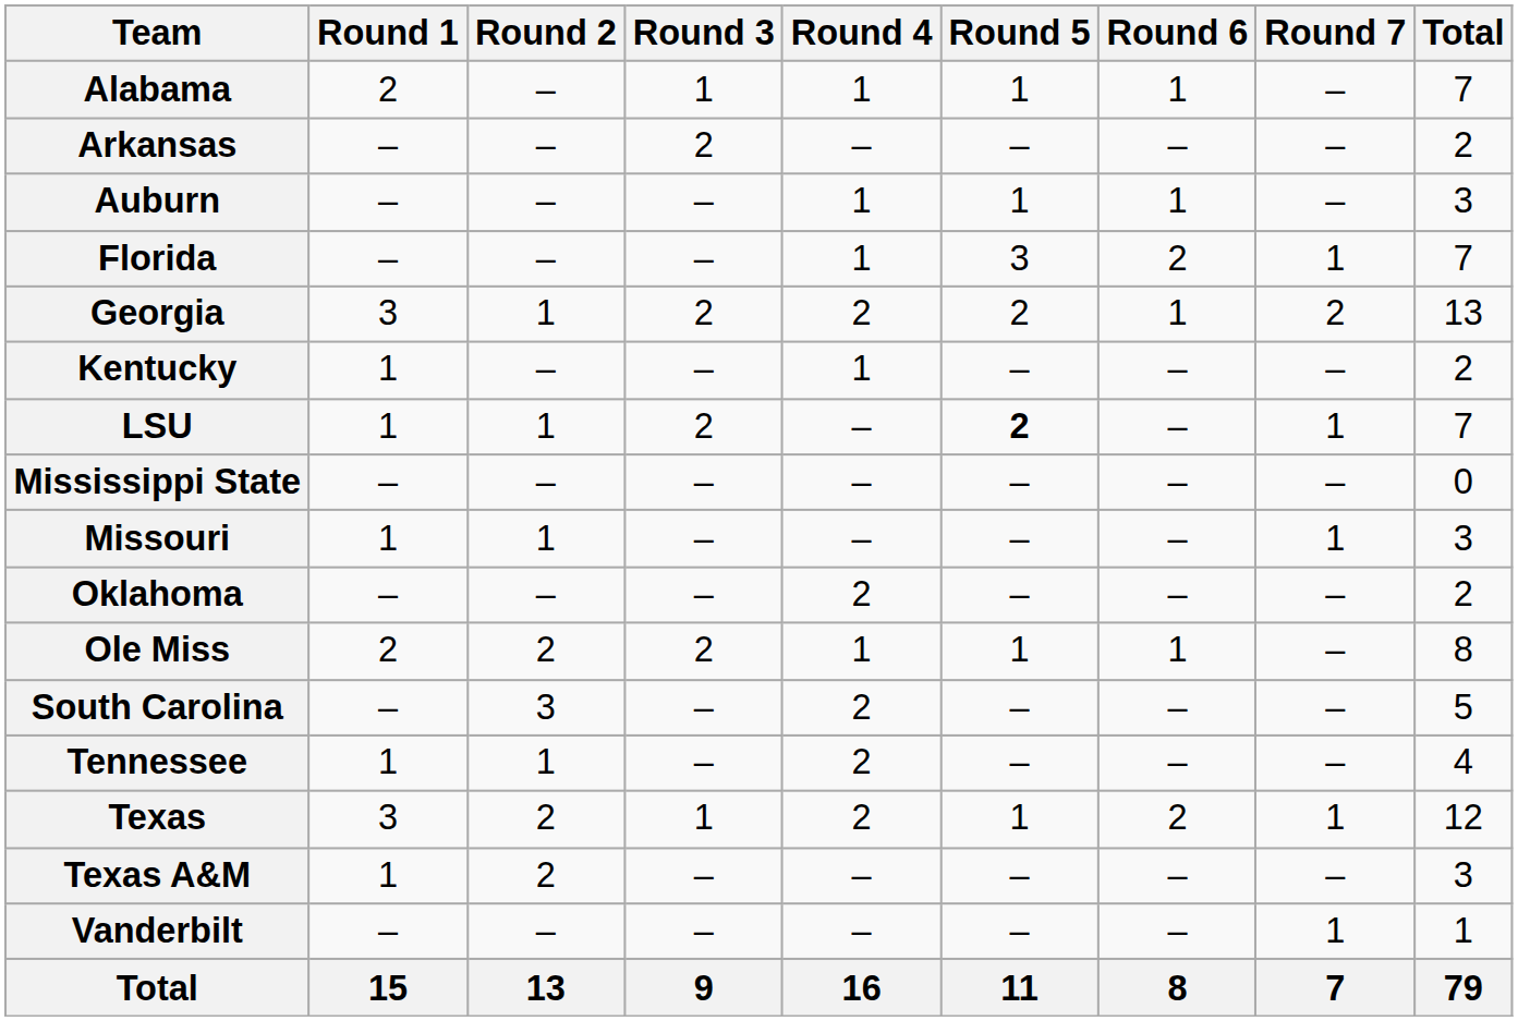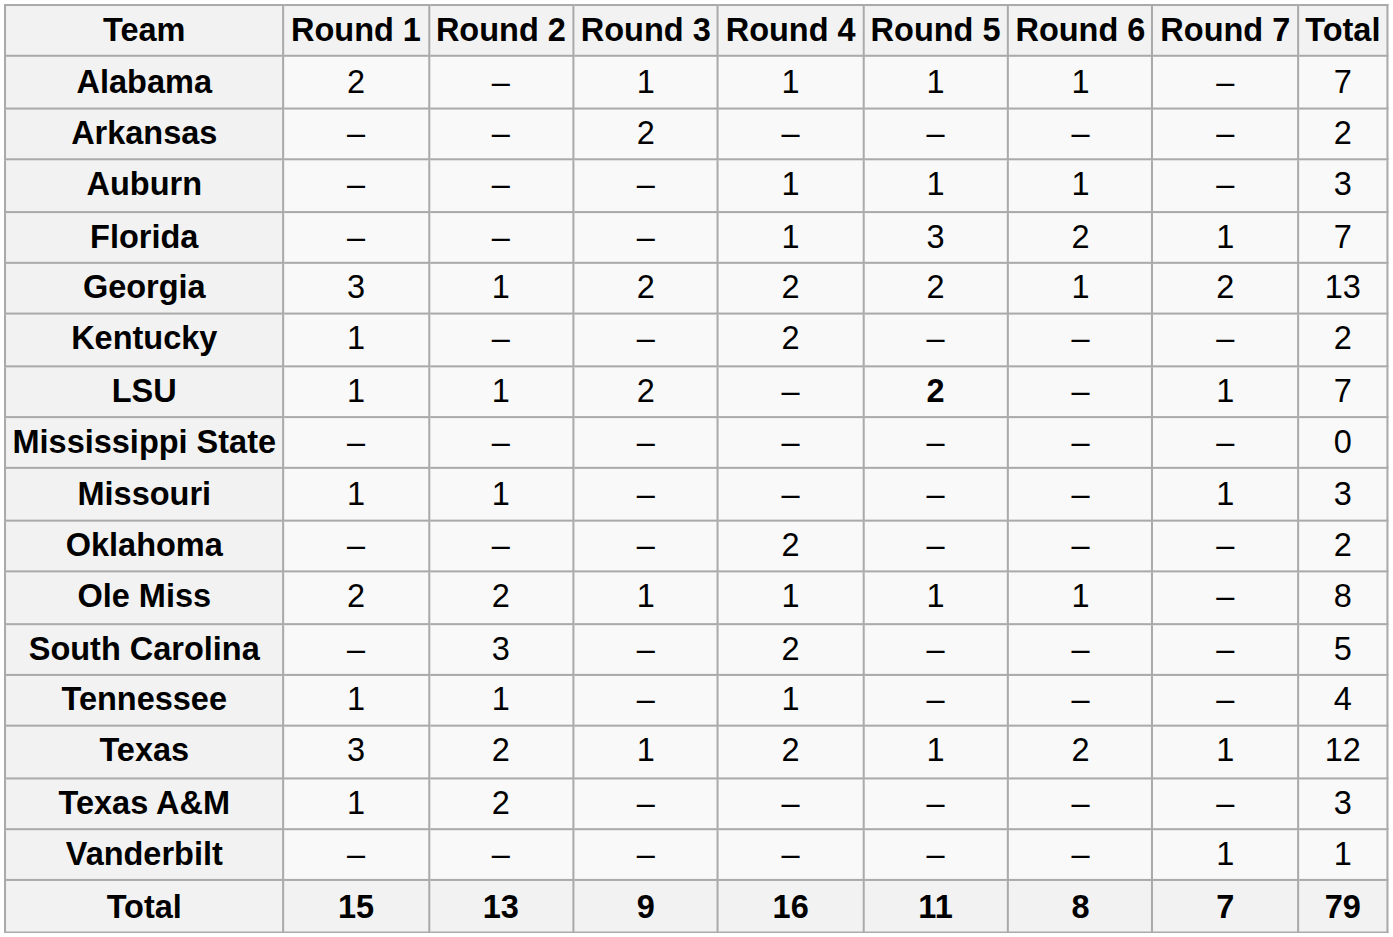 <table class="wikitable sortable" style="text-align: center;">
 <tr>
 <th>Team</th>
 <th>Round 1</th>
 <th>Round 2</th>
 <th>Round 3</th>
 <th>Round 4</th>
 <th>Round 5</th>
 <th>Round 6</th>
 <th>Round 7</th>
 <th>Total</th>
 </tr>
 <tr>
 <th>Alabama</th>
 <td>2</td>
 <td>–</td>
 <td>1</td>
 <td>1</td>
 <td>1</td>
 <td>1</td>
 <td>–</td>
 <td>7</td>
 </tr>
 <tr>
 <th>Arkansas</th>
 <td>–</td>
 <td>–</td>
 <td>2</td>
 <td>–</td>
 <td>–</td>
 <td>–</td>
 <td>–</td>
 <td>2</td>
 </tr>
 <tr>
 <th>Auburn</th>
 <td>–</td>
 <td>–</td>
 <td>–</td>
 <td>1</td>
 <td>1</td>
 <td>1</td>
 <td>–</td>
 <td>3</td>
 </tr>
 <tr>
 <th>Florida</th>
 <td>–</td>
 <td>–</td>
 <td>–</td>
 <td>1</td>
 <td>3</td>
 <td>2</td>
 <td>1</td>
 <td>7</td>
 </tr>
 <tr>
 <th>Georgia</th>
 <td>3</td>
 <td>1</td>
 <td>2</td>
 <td>2</td>
 <td>2</td>
 <td>1</td>
 <td>2</td>
 <td>13</td>
 </tr>
 <tr>
 <th>Kentucky</th>
 <td>1</td>
 <td>–</td>
 <td>–</td>
-<td>1</td>
+<td>2</td>
 <td>–</td>
 <td>–</td>
 <td>–</td>
 <td>2</td>
 </tr>
 <tr>
 <th>LSU</th>
 <td>1</td>
 <td>1</td>
 <td>2</td>
 <td>–</td>
 <td><strong>2</strong></td>
 <td>–</td>
 <td>1</td>
 <td>7</td>
 </tr>
 <tr>
 <th>Mississippi State</th>
 <td>–</td>
 <td>–</td>
 <td>–</td>
 <td>–</td>
 <td>–</td>
 <td>–</td>
 <td>–</td>
 <td>0</td>
 </tr>
 <tr>
 <th>Missouri</th>
 <td>1</td>
 <td>1</td>
 <td>–</td>
 <td>–</td>
 <td>–</td>
 <td>–</td>
 <td>1</td>
 <td>3</td>
 </tr>
 <tr>
 <th>Oklahoma</th>
 <td>–</td>
 <td>–</td>
 <td>–</td>
 <td>2</td>
 <td>–</td>
 <td>–</td>
 <td>–</td>
 <td>2</td>
 </tr>
 <tr>
 <th>Ole Miss</th>
 <td>2</td>
 <td>2</td>
-<td>2</td>
+<td>1</td>
 <td>1</td>
 <td>1</td>
 <td>1</td>
 <td>–</td>
 <td>8</td>
 </tr>
 <tr>
 <th>South Carolina</th>
 <td>–</td>
 <td>3</td>
 <td>–</td>
 <td>2</td>
 <td>–</td>
 <td>–</td>
 <td>–</td>
 <td>5</td>
 </tr>
 <tr>
 <th>Tennessee</th>
 <td>1</td>
 <td>1</td>
 <td>–</td>
-<td>2</td>
+<td>1</td>
 <td>–</td>
 <td>–</td>
 <td>–</td>
 <td>4</td>
 </tr>
 <tr>
 <th>Texas</th>
 <td>3</td>
 <td>2</td>
 <td>1</td>
 <td>2</td>
 <td>1</td>
 <td>2</td>
 <td>1</td>
 <td>12</td>
 </tr>
 <tr>
 <th>Texas A&M</th>
 <td>1</td>
 <td>2</td>
 <td>–</td>
 <td>–</td>
 <td>–</td>
 <td>–</td>
 <td>–</td>
 <td>3</td>
 </tr>
 <tr>
 <th>Vanderbilt</th>
 <td>–</td>
 <td>–</td>
 <td>–</td>
 <td>–</td>
 <td>–</td>
 <td>–</td>
 <td>1</td>
 <td>1</td>
 </tr>
 <tr>
 <th>Total</th>
 <th>15</th>
 <th>13</th>
 <th>9</th>
 <th>16</th>
 <th>11</th>
 <th>8</th>
 <th>7</th>
 <th>79</th>
 </tr>
 <tr>
 </tr>
 </table>
